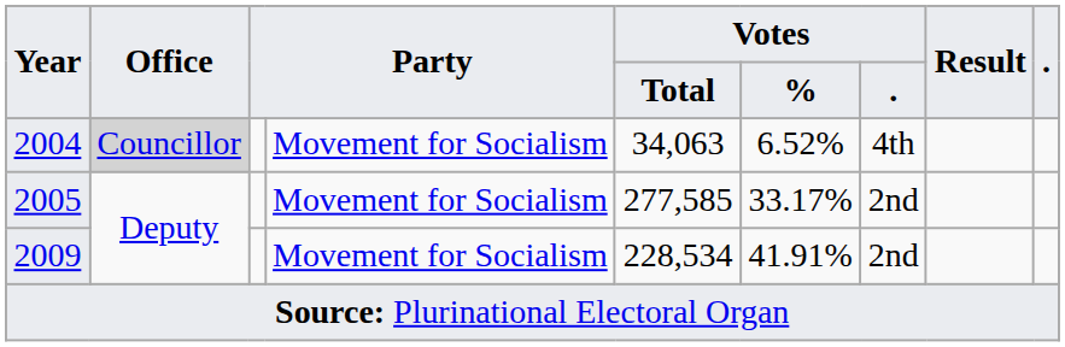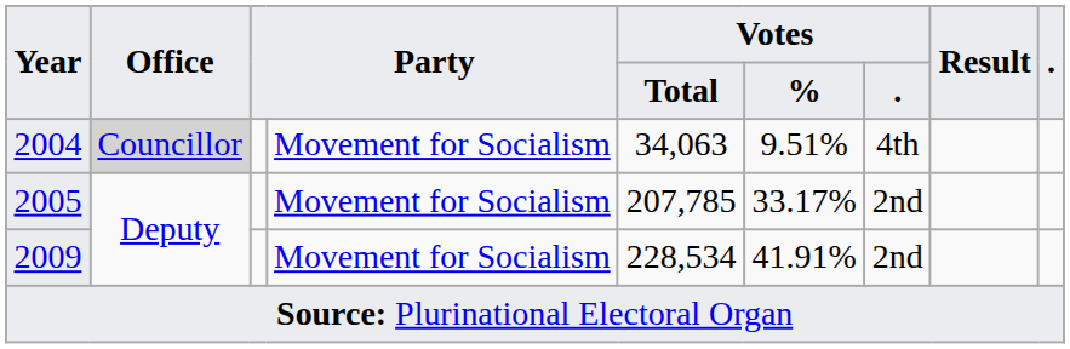 <table class="wikitable" style="font-size: 90%; text-align:center;">
 <tr>
 <th style="background-color:#EAECF0;" rowspan=2>Year</th>
 <th style="background-color:#EAECF0;" rowspan=2>Office</th>
 <th style="background-color:#EAECF0;" colspan=2 rowspan=2>Party</th>
 <th style="background-color:#EAECF0;" colspan=3>Votes</th>
 <th style="background-color:#EAECF0;" rowspan=2>Result</th>
 <th style="background-color:#EAECF0;" rowspan=2>.</th>
 </tr>
 <tr>
 <th style="background-color:#EAECF0;">Total</th>
 <th style="background-color:#EAECF0;">%</th>
 <th style="background-color:#EAECF0;">.</th>
 </tr>
 <tr>
 <td style="background-color:#EAECF0;"><a href='#'>2004</a></td>
 <td style="background: lightgrey;"><a href='#'>Councillor</a></td>
 <td style="background-color:"></td>
 <td><a href='#'>Movement for Socialism</a></td>
 <td>34,063</td>
-<td>6.52%</td>
+<td>9.51%</td>
 <td>4th</td>
 <td></td>
 <td></td>
 </tr>
 <tr>
 <td style="background-color:#EAECF0;"><a href='#'>2005</a></td>
 <td rowspan=2><a href='#'>Deputy</a></td>
 <td style="background-color:"></td>
 <td><a href='#'>Movement for Socialism</a></td>
-<td>277,585</td>
+<td>207,785</td>
 <td>33.17%</td>
 <td>2nd</td>
 <td></td>
 <td></td>
 </tr>
 <tr>
 <td style="background-color:#EAECF0;"><a href='#'>2009</a></td>
 <td style="background-color:"></td>
 <td><a href='#'>Movement for Socialism</a></td>
 <td>228,534</td>
 <td>41.91%</td>
 <td>2nd</td>
 <td></td>
 <td></td>
 </tr>
 <tr>
 <td style="background-color:#EAECF0;" colspan=9><strong>Source:</strong> <a href='#'>Plurinational Electoral Organ</a>  </td>
 </tr>
 </table>
